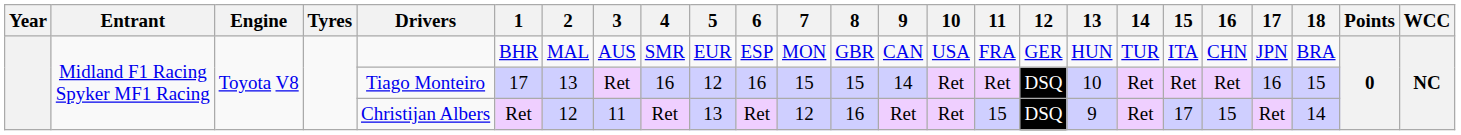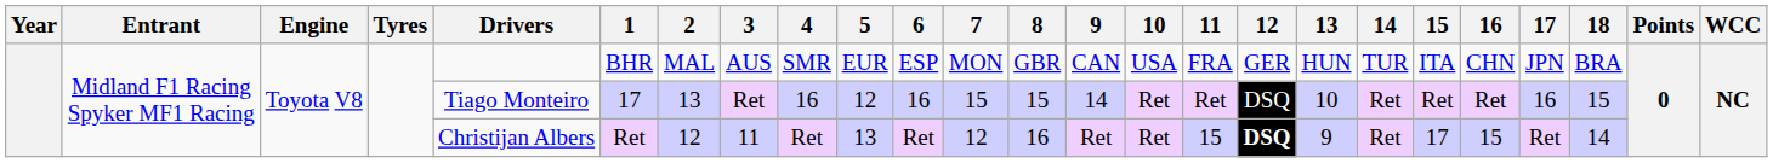 <table class="wikitable" style="text-align:center; font-size:95%">
 <tr>
 <th>Year</th>
 <th>Entrant</th>
 <th>Engine</th>
 <th>Tyres</th>
 <th>Drivers</th>
 <th>1</th>
 <th>2</th>
 <th>3</th>
 <th>4</th>
 <th>5</th>
 <th>6</th>
 <th>7</th>
 <th>8</th>
 <th>9</th>
 <th>10</th>
 <th>11</th>
 <th>12</th>
 <th>13</th>
 <th>14</th>
 <th>15</th>
 <th>16</th>
 <th>17</th>
 <th>18</th>
 <th>Points</th>
 <th>WCC</th>
 </tr>
 <tr>
 <th rowspan="3"></th>
 <td rowspan="3"><a href='#'>Midland F1 Racing</a><br><a href='#'>Spyker MF1 Racing</a></td>
 <td rowspan="3"><a href='#'>Toyota</a> <a href='#'>V8</a></td>
 <td rowspan="3"></td>
 <td></td>
 <td><a href='#'>BHR</a></td>
 <td><a href='#'>MAL</a></td>
 <td><a href='#'>AUS</a></td>
 <td><a href='#'>SMR</a></td>
 <td><a href='#'>EUR</a></td>
 <td><a href='#'>ESP</a></td>
 <td><a href='#'>MON</a></td>
 <td><a href='#'>GBR</a></td>
 <td><a href='#'>CAN</a></td>
 <td><a href='#'>USA</a></td>
 <td><a href='#'>FRA</a></td>
 <td><a href='#'>GER</a></td>
 <td><a href='#'>HUN</a></td>
 <td><a href='#'>TUR</a></td>
 <td><a href='#'>ITA</a></td>
 <td><a href='#'>CHN</a></td>
 <td><a href='#'>JPN</a></td>
 <td><a href='#'>BRA</a></td>
 <th rowspan="3">0</th>
 <th rowspan="3">NC</th>
 </tr>
 <tr>
 <td> <a href='#'>Tiago Monteiro</a></td>
 <td style="background:#CFCFFF;">17</td>
 <td style="background:#CFCFFF;">13</td>
 <td style="background:#EFCFFF;">Ret</td>
 <td style="background:#CFCFFF;">16</td>
 <td style="background:#CFCFFF;">12</td>
 <td style="background:#CFCFFF;">16</td>
 <td style="background:#CFCFFF;">15</td>
 <td style="background:#CFCFFF;">15</td>
 <td style="background:#CFCFFF;">14</td>
 <td style="background:#EFCFFF;">Ret</td>
 <td style="background:#EFCFFF;">Ret</td>
 <td style="background:#000000; color:white">DSQ</td>
 <td style="background:#CFCFFF;">10</td>
 <td style="background:#EFCFFF;">Ret</td>
 <td style="background:#EFCFFF;">Ret</td>
 <td style="background:#EFCFFF;">Ret</td>
 <td style="background:#CFCFFF;">16</td>
 <td style="background:#CFCFFF;">15</td>
 </tr>
 <tr>
 <td> <a href='#'>Christijan Albers</a></td>
 <td style="background:#EFCFFF;">Ret</td>
 <td style="background:#CFCFFF;">12</td>
 <td style="background:#CFCFFF;">11</td>
 <td style="background:#EFCFFF;">Ret</td>
 <td style="background:#CFCFFF;">13</td>
 <td style="background:#EFCFFF;">Ret</td>
 <td style="background:#CFCFFF;">12</td>
 <td style="background:#CFCFFF;">16</td>
 <td style="background:#EFCFFF;">Ret</td>
 <td style="background:#EFCFFF;">Ret</td>
 <td style="background:#CFCFFF;">15</td>
-<td style="background:#000000; color:white">DSQ</td>
+<td style="background:#000000; color:white"><strong>DSQ</strong></td>
 <td style="background:#CFCFFF;">9</td>
 <td style="background:#EFCFFF;">Ret</td>
 <td style="background:#CFCFFF;">17</td>
 <td style="background:#CFCFFF;">15</td>
 <td style="background:#EFCFFF;">Ret</td>
 <td style="background:#CFCFFF;">14</td>
 </tr>
 </table>
